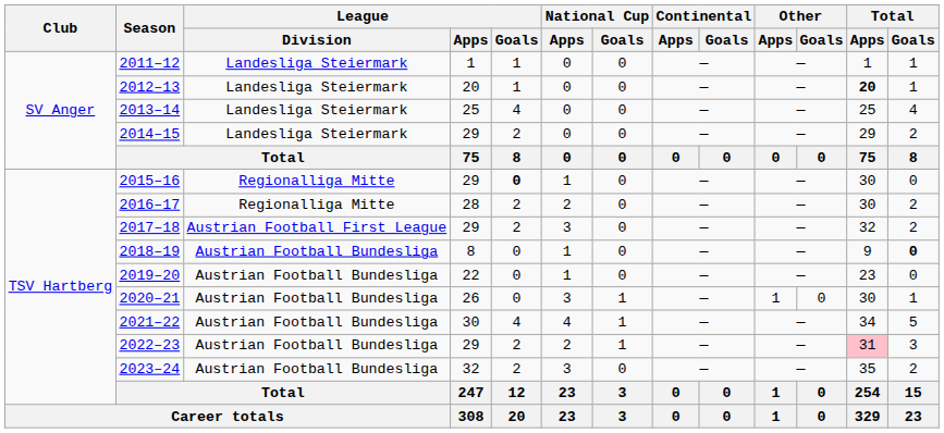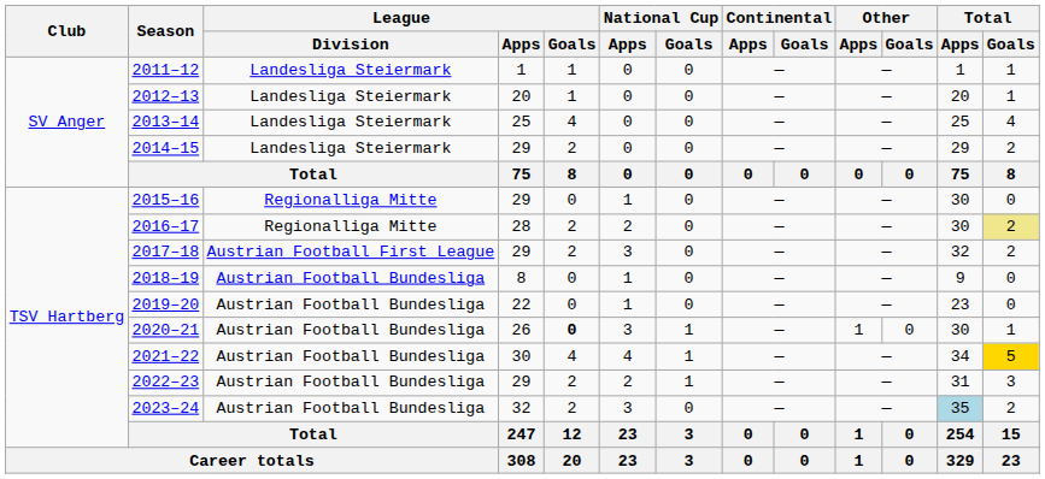 <table class="wikitable" style="text-align:center">
 <tr>
 <th rowspan="2">Club</th>
 <th rowspan="2">Season</th>
 <th colspan="3">League</th>
 <th colspan="2">National Cup</th>
 <th colspan="2">Continental</th>
 <th colspan="2">Other</th>
 <th colspan="2">Total</th>
 </tr>
 <tr>
 <th>Division</th>
 <th>Apps</th>
 <th>Goals</th>
 <th>Apps</th>
 <th>Goals</th>
 <th>Apps</th>
 <th>Goals</th>
 <th>Apps</th>
 <th>Goals</th>
 <th>Apps</th>
 <th>Goals</th>
 </tr>
 <tr>
 <td rowspan="5"><a href='#'>SV Anger</a></td>
 <td><a href='#'>2011–12</a></td>
 <td><a href='#'>Landesliga Steiermark</a></td>
 <td>1</td>
 <td>1</td>
 <td>0</td>
 <td>0</td>
 <td colspan="2">—</td>
 <td colspan="2">—</td>
 <td>1</td>
 <td>1</td>
 </tr>
 <tr>
 <td><a href='#'>2012–13</a></td>
 <td>Landesliga Steiermark</td>
 <td>20</td>
 <td>1</td>
 <td>0</td>
 <td>0</td>
 <td colspan="2">—</td>
 <td colspan="2">—</td>
-<td><strong>20</strong></td>
+<td>20</td>
 <td>1</td>
 </tr>
 <tr>
 <td><a href='#'>2013–14</a></td>
 <td>Landesliga Steiermark</td>
 <td>25</td>
 <td>4</td>
 <td>0</td>
 <td>0</td>
 <td colspan="2">—</td>
 <td colspan="2">—</td>
 <td>25</td>
 <td>4</td>
 </tr>
 <tr>
 <td><a href='#'>2014–15</a></td>
 <td>Landesliga Steiermark</td>
 <td>29</td>
 <td>2</td>
 <td>0</td>
 <td>0</td>
 <td colspan="2">—</td>
 <td colspan="2">—</td>
 <td>29</td>
 <td>2</td>
 </tr>
 <tr>
 <th colspan="2">Total</th>
 <th>75</th>
 <th>8</th>
 <th>0</th>
 <th>0</th>
 <th>0</th>
 <th>0</th>
 <th>0</th>
 <th>0</th>
 <th>75</th>
 <th>8</th>
 </tr>
 <tr>
 <td rowspan="10"><a href='#'>TSV Hartberg</a></td>
 <td><a href='#'>2015–16</a></td>
 <td><a href='#'>Regionalliga Mitte</a></td>
 <td>29</td>
-<td><strong>0</strong></td>
+<td>0</td>
 <td>1</td>
 <td>0</td>
 <td colspan="2">—</td>
 <td colspan="2">—</td>
 <td>30</td>
 <td>0</td>
 </tr>
 <tr>
 <td><a href='#'>2016–17</a></td>
 <td>Regionalliga Mitte</td>
 <td>28</td>
 <td>2</td>
 <td>2</td>
 <td>0</td>
 <td colspan="2">—</td>
 <td colspan="2">—</td>
 <td>30</td>
-<td>2</td>
+<td style="background: khaki;">2</td>
 </tr>
 <tr>
 <td><a href='#'>2017–18</a></td>
 <td><a href='#'>Austrian Football First League</a></td>
 <td>29</td>
 <td>2</td>
 <td>3</td>
 <td>0</td>
 <td colspan="2">—</td>
 <td colspan="2">—</td>
 <td>32</td>
 <td>2</td>
 </tr>
 <tr>
 <td><a href='#'>2018–19</a></td>
 <td><a href='#'>Austrian Football Bundesliga</a></td>
 <td>8</td>
 <td>0</td>
 <td>1</td>
 <td>0</td>
 <td colspan="2">—</td>
 <td colspan="2">—</td>
 <td>9</td>
-<td><strong>0</strong></td>
+<td>0</td>
 </tr>
 <tr>
 <td><a href='#'>2019–20</a></td>
 <td>Austrian Football Bundesliga</td>
 <td>22</td>
 <td>0</td>
 <td>1</td>
 <td>0</td>
 <td colspan="2">—</td>
 <td colspan="2">—</td>
 <td>23</td>
 <td>0</td>
 </tr>
 <tr>
 <td><a href='#'>2020–21</a></td>
 <td>Austrian Football Bundesliga</td>
 <td>26</td>
-<td>0</td>
+<td><strong>0</strong></td>
 <td>3</td>
 <td>1</td>
 <td colspan="2">—</td>
 <td>1</td>
 <td>0</td>
 <td>30</td>
 <td>1</td>
 </tr>
 <tr>
 <td><a href='#'>2021–22</a></td>
 <td>Austrian Football Bundesliga</td>
 <td>30</td>
 <td>4</td>
 <td>4</td>
 <td>1</td>
 <td colspan="2">—</td>
 <td colspan="2">—</td>
 <td>34</td>
-<td>5</td>
+<td style="background: gold;">5</td>
 </tr>
 <tr>
 <td><a href='#'>2022–23</a></td>
 <td>Austrian Football Bundesliga</td>
 <td>29</td>
 <td>2</td>
 <td>2</td>
 <td>1</td>
 <td colspan="2">—</td>
 <td colspan="2">—</td>
-<td style="background: pink;">31</td>
+<td>31</td>
 <td>3</td>
 </tr>
 <tr>
 <td><a href='#'>2023–24</a></td>
 <td>Austrian Football Bundesliga</td>
 <td>32</td>
 <td>2</td>
 <td>3</td>
 <td>0</td>
 <td colspan="2">—</td>
 <td colspan="2">—</td>
-<td>35</td>
+<td style="background: lightblue;">35</td>
 <td>2</td>
 </tr>
 <tr>
 <th colspan="2">Total</th>
 <th>247</th>
 <th>12</th>
 <th>23</th>
 <th>3</th>
 <th>0</th>
 <th>0</th>
 <th>1</th>
 <th>0</th>
 <th>254</th>
 <th>15</th>
 </tr>
 <tr>
 <th colspan="3">Career totals</th>
 <th>308</th>
 <th>20</th>
 <th>23</th>
 <th>3</th>
 <th>0</th>
 <th>0</th>
 <th>1</th>
 <th>0</th>
 <th>329</th>
 <th>23</th>
 </tr>
 </table>
